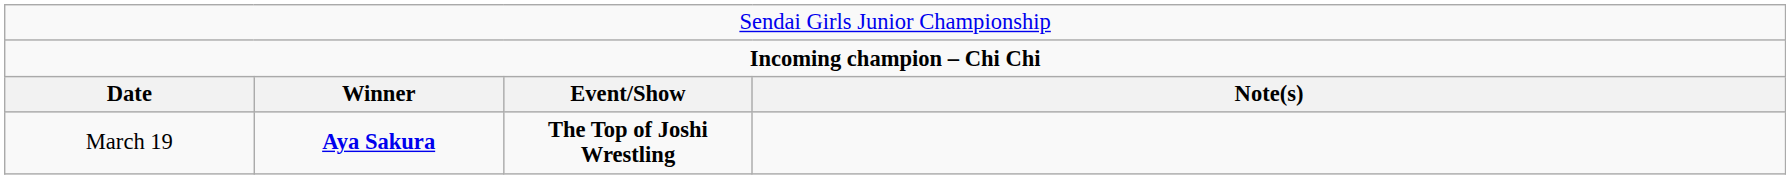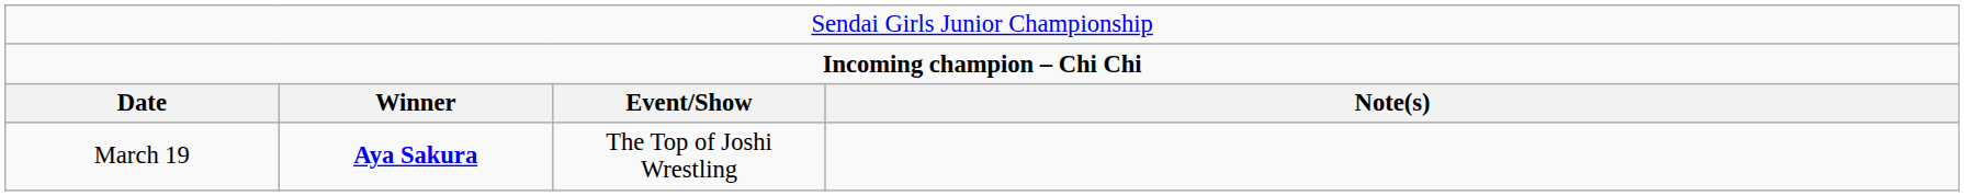 <table class="wikitable" style="text-align:center; width:100%;">
 <tr>
 <td colspan="4" style="text-align: center;"><a href='#'>Sendai Girls Junior Championship</a></td>
 </tr>
 <tr>
 <td colspan="4" style="text-align: center;"><strong>Incoming champion – Chi Chi</strong></td>
 </tr>
 <tr>
 <th width=14%>Date</th>
 <th width=14%>Winner</th>
 <th width=14%>Event/Show</th>
 <th width=58%>Note(s)</th>
 </tr>
 <tr>
 <td>March 19</td>
 <td><strong><a href='#'>Aya Sakura</a></strong></td>
-<td><strong>The Top of Joshi Wrestling</strong></td>
+<td>The Top of Joshi Wrestling</td>
 </tr>
 </table>
